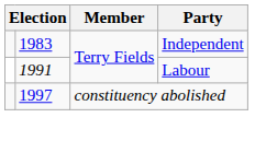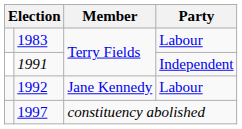 <table class="wikitable">
 <tr>
 <th colspan="2">Election</th>
 <th>Member</th>
 <th>Party</th>
 </tr>
 <tr>
 <td style="color:inherit;background-color: "></td>
 <td><a href='#'>1983</a></td>
 <td rowspan="2"><a href='#'>Terry Fields</a></td>
-<td><a href='#'>Independent</a></td>
+<td><a href='#'>Labour</a></td>
 </tr>
 <tr>
 <td style="color:inherit;background-color: white"></td>
 <td><em>1991</em></td>
+<td><a href='#'>Independent</a></td>
+</tr>
+<tr>
+<td style="color:inherit;background-color: "></td>
+<td><a href='#'>1992</a></td>
+<td><a href='#'>Jane Kennedy</a></td>
 <td><a href='#'>Labour</a></td>
 </tr>
 <tr>
 <td></td>
 <td><a href='#'>1997</a></td>
 <td colspan="2"><em>constituency abolished</em></td>
 </tr>
 </table>
